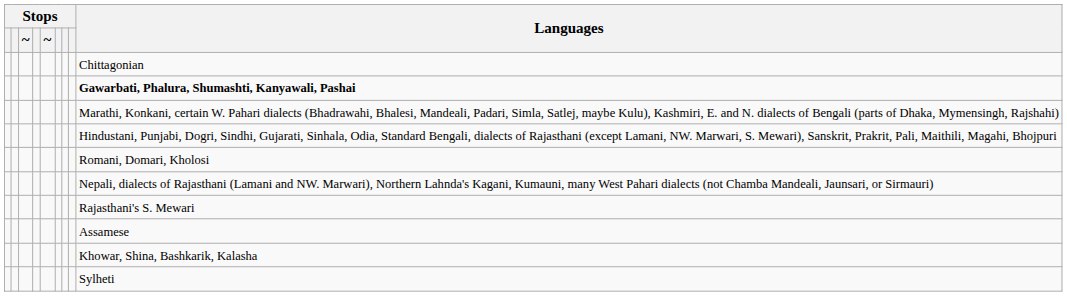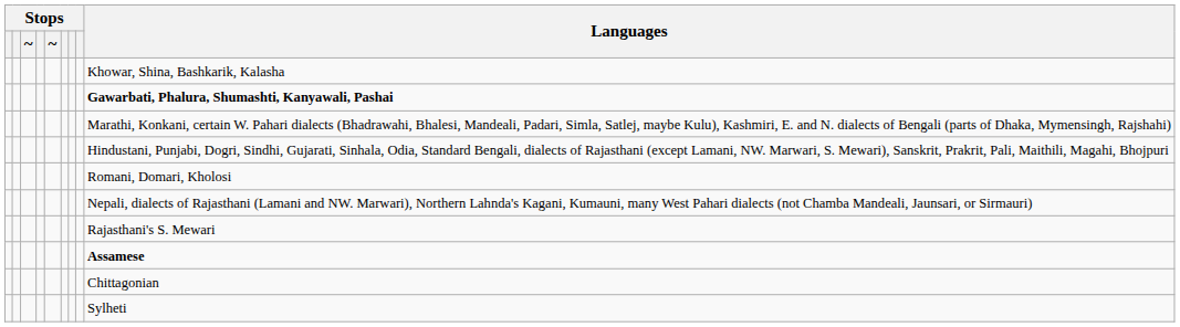 <table class="wikitable">
 <tr>
 <th colspan=8>Stops</th>
 <th rowspan=2>Languages</th>
 </tr>
 <tr>
 <th></th>
 <th></th>
 <th> ~ </th>
 <th></th>
 <th> ~ </th>
 <th></th>
 <th></th>
 <th></th>
 </tr>
 <tr>
 <td></td>
 <td></td>
 <td></td>
 <td></td>
 <td></td>
 <td></td>
 <td></td>
 <td></td>
-<td><small>Chittagonian</small></td>
+<td><small>Khowar, Shina, Bashkarik, Kalasha</small></td>
 </tr>
 <tr>
 <td></td>
 <td></td>
 <td></td>
 <td></td>
 <td></td>
 <td></td>
 <td></td>
 <td></td>
 <td><strong><small>Gawarbati, Phalura, Shumashti, Kanyawali, Pashai</small></strong></td>
 </tr>
 <tr>
 <td></td>
 <td></td>
 <td></td>
 <td></td>
 <td></td>
 <td></td>
 <td></td>
 <td></td>
 <td><small>Marathi, Konkani, certain W. Pahari dialects (Bhadrawahi, Bhalesi, Mandeali, Padari, Simla, Satlej, maybe Kulu), Kashmiri, E. and N. dialects of Bengali (parts of Dhaka, Mymensingh, Rajshahi)</small></td>
 </tr>
 <tr>
 <td></td>
 <td></td>
 <td></td>
 <td></td>
 <td></td>
 <td></td>
 <td></td>
 <td></td>
 <td><small>Hindustani, Punjabi, Dogri, Sindhi, Gujarati, Sinhala, Odia, Standard Bengali, dialects of Rajasthani (except Lamani, NW. Marwari, S. Mewari), Sanskrit, Prakrit, Pali, Maithili, Magahi, Bhojpuri</small></td>
 </tr>
 <tr>
 <td></td>
 <td></td>
 <td></td>
 <td></td>
 <td></td>
 <td></td>
 <td></td>
 <td></td>
 <td><small>Romani, Domari, Kholosi</small></td>
 </tr>
 <tr>
 <td></td>
 <td></td>
 <td></td>
 <td></td>
 <td></td>
 <td></td>
 <td></td>
 <td></td>
 <td><small>Nepali, dialects of Rajasthani (Lamani and NW. Marwari), Northern Lahnda's Kagani, Kumauni, many West Pahari dialects (not Chamba Mandeali, Jaunsari, or Sirmauri)</small></td>
 </tr>
 <tr>
 <td></td>
 <td></td>
 <td></td>
 <td></td>
 <td></td>
 <td></td>
 <td></td>
 <td></td>
 <td><small>Rajasthani's S. Mewari</small></td>
 </tr>
 <tr>
 <td></td>
 <td></td>
 <td></td>
 <td></td>
 <td></td>
 <td></td>
 <td></td>
 <td></td>
-<td><small>Assamese</small></td>
+<td><strong><small>Assamese</small></strong></td>
 </tr>
 <tr>
 <td></td>
 <td></td>
 <td></td>
 <td></td>
 <td></td>
 <td></td>
 <td></td>
 <td></td>
-<td><small>Khowar, Shina, Bashkarik, Kalasha</small></td>
+<td><small>Chittagonian</small></td>
 </tr>
 <tr>
 <td></td>
 <td></td>
 <td></td>
 <td></td>
 <td></td>
 <td></td>
 <td></td>
 <td></td>
 <td><small>Sylheti</small></td>
 </tr>
 </table>
